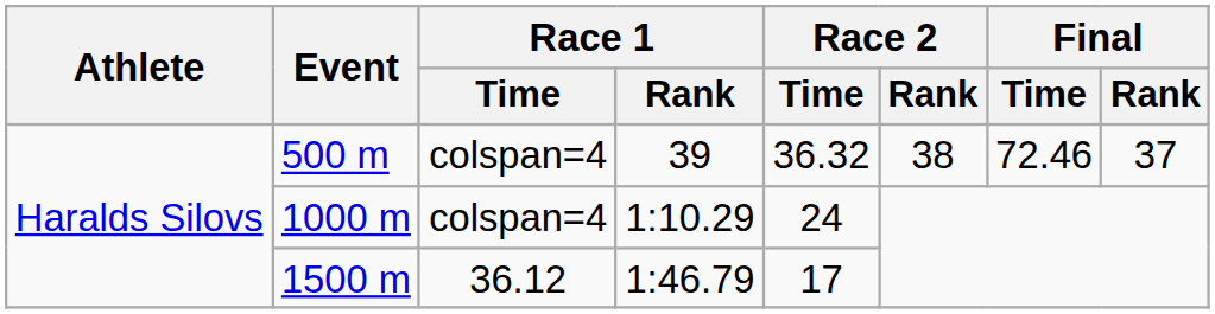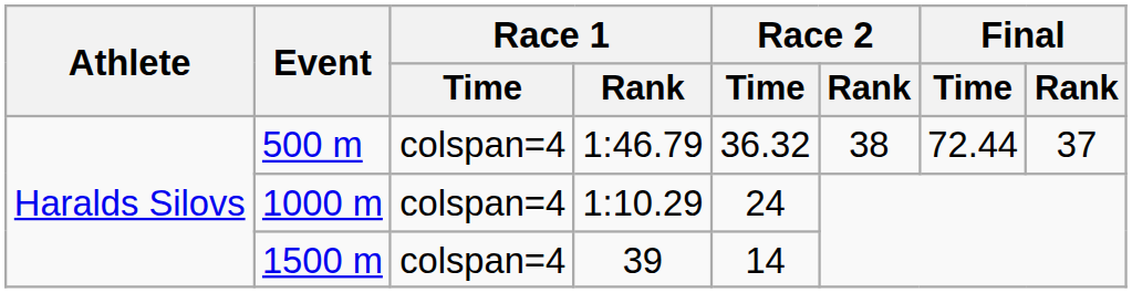 <table class="wikitable" style="font-size:90%">
 <tr>
 <th rowspan=2>Athlete</th>
 <th rowspan=2>Event</th>
 <th colspan=2>Race 1</th>
 <th colspan=2>Race 2</th>
 <th colspan=2>Final</th>
 </tr>
 <tr style="font-size:95%">
 <th>Time</th>
 <th>Rank</th>
 <th>Time</th>
 <th>Rank</th>
 <th>Time</th>
 <th>Rank</th>
 </tr>
 <tr align=center>
 <td align=left rowspan=3><a href='#'>Haralds Silovs</a></td>
 <td align=left><a href='#'>500 m</a></td>
 <td>colspan=4 </td>
-<td>39</td>
+<td>1:46.79</td>
 <td>36.32</td>
 <td>38</td>
-<td>72.46</td>
+<td>72.44</td>
 <td>37</td>
 </tr>
 <tr align=center>
 <td align=left><a href='#'>1000 m</a></td>
 <td>colspan=4 </td>
 <td>1:10.29</td>
 <td>24</td>
 </tr>
 <tr align=center>
 <td align=left><a href='#'>1500 m</a></td>
-<td>36.12</td>
-<td>1:46.79</td>
-<td>17</td>
+<td>colspan=4 </td>
+<td>39</td>
+<td>14</td>
 </tr>
 </table>
